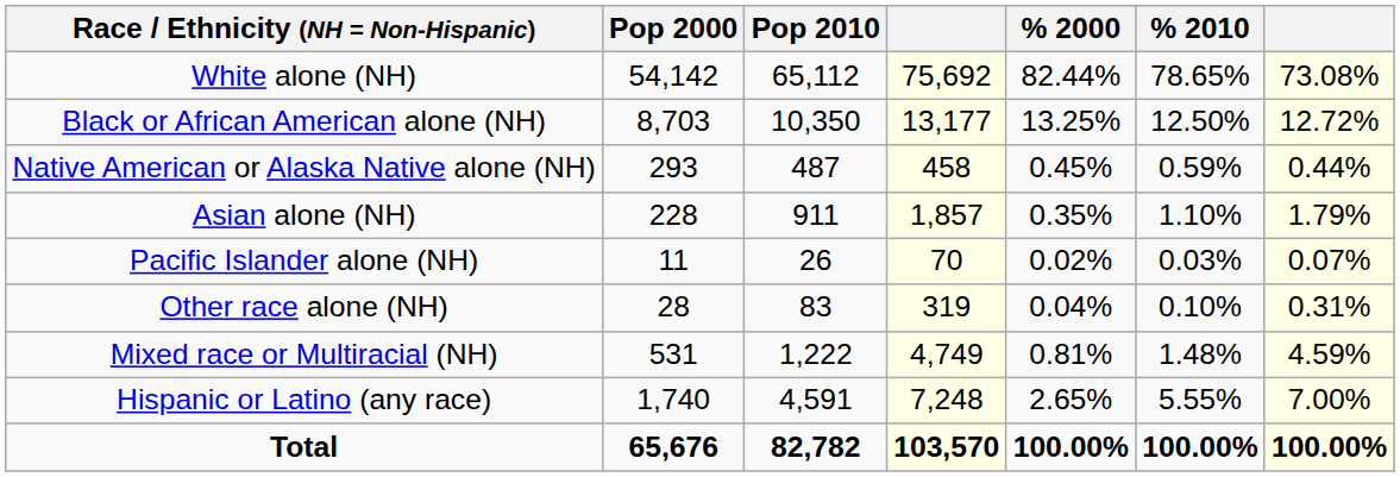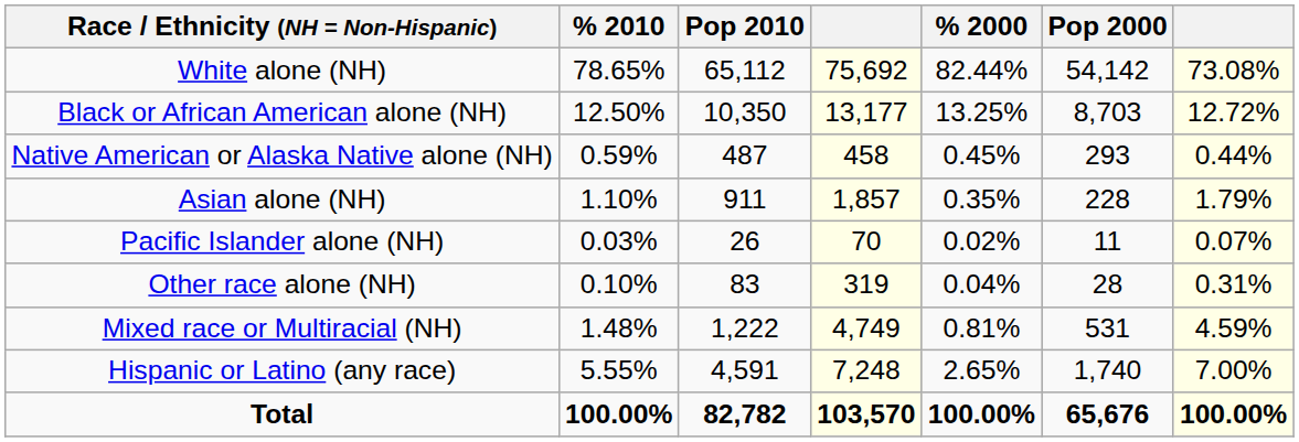 <table class="wikitable" style="text-align:center;">
 <tr>
 <th>Race / Ethnicity <small>(<em>NH = Non-Hispanic</em>)</small></th>
-<th>Pop 2000</th>
+<th>% 2010</th>
 <th>Pop 2010</th>
 <th></th>
 <th>% 2000</th>
-<th>% 2010</th>
+<th>Pop 2000</th>
 <th></th>
 </tr>
 <tr>
 <td><a href='#'>White</a> alone (NH)</td>
-<td>54,142</td>
+<td>78.65%</td>
 <td>65,112</td>
 <td style='background: #ffffe6;'>75,692</td>
 <td>82.44%</td>
-<td>78.65%</td>
+<td>54,142</td>
 <td style='background: #ffffe6;'>73.08%</td>
 </tr>
 <tr>
 <td><a href='#'>Black or African American</a> alone (NH)</td>
-<td>8,703</td>
+<td>12.50%</td>
 <td>10,350</td>
 <td style='background: #ffffe6;'>13,177</td>
 <td>13.25%</td>
-<td>12.50%</td>
+<td>8,703</td>
 <td style='background: #ffffe6;'>12.72%</td>
 </tr>
 <tr>
 <td><a href='#'>Native American</a> or <a href='#'>Alaska Native</a> alone (NH)</td>
-<td>293</td>
+<td>0.59%</td>
 <td>487</td>
 <td style='background: #ffffe6;'>458</td>
 <td>0.45%</td>
-<td>0.59%</td>
+<td>293</td>
 <td style='background: #ffffe6;'>0.44%</td>
 </tr>
 <tr>
 <td><a href='#'>Asian</a> alone (NH)</td>
-<td>228</td>
+<td>1.10%</td>
 <td>911</td>
 <td style='background: #ffffe6;'>1,857</td>
 <td>0.35%</td>
-<td>1.10%</td>
+<td>228</td>
 <td style='background: #ffffe6;'>1.79%</td>
 </tr>
 <tr>
 <td><a href='#'>Pacific Islander</a> alone (NH)</td>
-<td>11</td>
+<td>0.03%</td>
 <td>26</td>
 <td style='background: #ffffe6;'>70</td>
 <td>0.02%</td>
-<td>0.03%</td>
+<td>11</td>
 <td style='background: #ffffe6;'>0.07%</td>
 </tr>
 <tr>
 <td><a href='#'>Other race</a> alone (NH)</td>
-<td>28</td>
+<td>0.10%</td>
 <td>83</td>
 <td style='background: #ffffe6;'>319</td>
 <td>0.04%</td>
-<td>0.10%</td>
+<td>28</td>
 <td style='background: #ffffe6;'>0.31%</td>
 </tr>
 <tr>
 <td><a href='#'>Mixed race or Multiracial</a> (NH)</td>
-<td>531</td>
+<td>1.48%</td>
 <td>1,222</td>
 <td style='background: #ffffe6;'>4,749</td>
 <td>0.81%</td>
-<td>1.48%</td>
+<td>531</td>
 <td style='background: #ffffe6;'>4.59%</td>
 </tr>
 <tr>
 <td><a href='#'>Hispanic or Latino</a> (any race)</td>
-<td>1,740</td>
+<td>5.55%</td>
 <td>4,591</td>
 <td style='background: #ffffe6;'>7,248</td>
 <td>2.65%</td>
-<td>5.55%</td>
+<td>1,740</td>
 <td style='background: #ffffe6;'>7.00%</td>
 </tr>
 <tr>
 <td><strong>Total</strong></td>
-<td><strong>65,676</strong></td>
+<td><strong>100.00%</strong></td>
 <td><strong>82,782</strong></td>
 <td style='background: #ffffe6;'><strong>103,570</strong></td>
 <td><strong>100.00%</strong></td>
-<td><strong>100.00%</strong></td>
+<td><strong>65,676</strong></td>
 <td style='background: #ffffe6;'><strong>100.00%</strong></td>
 </tr>
 </table>
